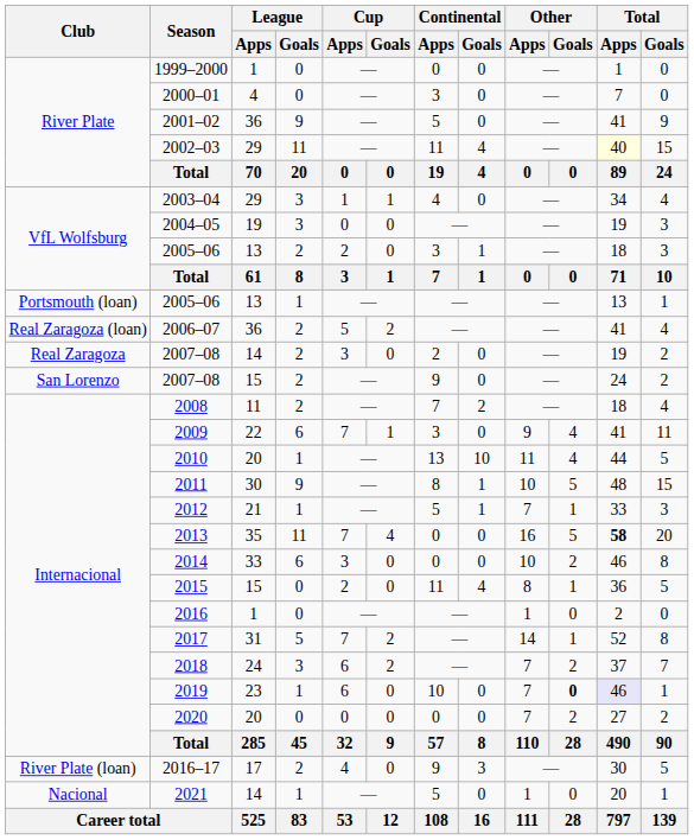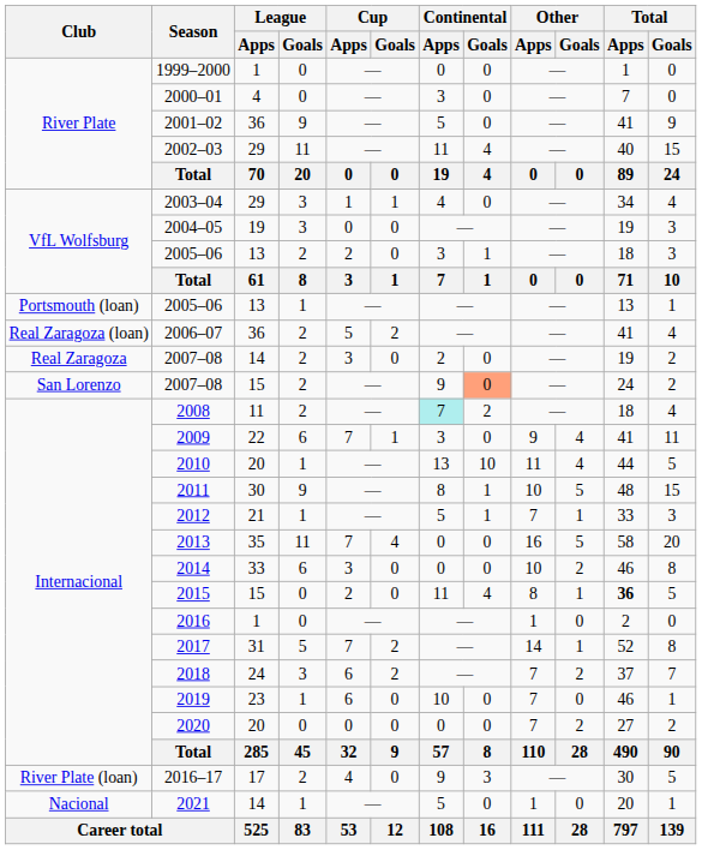 <table class="wikitable" style="text-align:center">
 <tr>
 <th rowspan="2">Club</th>
 <th rowspan="2">Season</th>
 <th colspan="2">League</th>
 <th colspan="2">Cup</th>
 <th colspan="2">Continental</th>
 <th colspan="2">Other</th>
 <th colspan="2">Total</th>
 </tr>
 <tr>
 <th>Apps</th>
 <th>Goals</th>
 <th>Apps</th>
 <th>Goals</th>
 <th>Apps</th>
 <th>Goals</th>
 <th>Apps</th>
 <th>Goals</th>
 <th>Apps</th>
 <th>Goals</th>
 </tr>
 <tr>
 <td rowspan="5"><a href='#'>River Plate</a></td>
 <td>1999–2000</td>
 <td>1</td>
 <td>0</td>
 <td colspan="2">—</td>
 <td>0</td>
 <td>0</td>
 <td colspan="2">—</td>
 <td>1</td>
 <td>0</td>
 </tr>
 <tr>
 <td>2000–01</td>
 <td>4</td>
 <td>0</td>
 <td colspan="2">—</td>
 <td>3</td>
 <td>0</td>
 <td colspan="2">—</td>
 <td>7</td>
 <td>0</td>
 </tr>
 <tr>
 <td>2001–02</td>
 <td>36</td>
 <td>9</td>
 <td colspan="2">—</td>
 <td>5</td>
 <td>0</td>
 <td colspan="2">—</td>
 <td>41</td>
 <td>9</td>
 </tr>
 <tr>
 <td>2002–03</td>
 <td>29</td>
 <td>11</td>
 <td colspan="2">—</td>
 <td>11</td>
 <td>4</td>
 <td colspan="2">—</td>
-<td style="background: lightyellow;">40</td>
+<td>40</td>
 <td>15</td>
 </tr>
 <tr>
 <th>Total</th>
 <th>70</th>
 <th>20</th>
 <th>0</th>
 <th>0</th>
 <th>19</th>
 <th>4</th>
 <th>0</th>
 <th>0</th>
 <th>89</th>
 <th>24</th>
 </tr>
 <tr>
 <td rowspan="4"><a href='#'>VfL Wolfsburg</a></td>
 <td>2003–04</td>
 <td>29</td>
 <td>3</td>
 <td>1</td>
 <td>1</td>
 <td>4</td>
 <td>0</td>
 <td colspan="2">—</td>
 <td>34</td>
 <td>4</td>
 </tr>
 <tr>
 <td>2004–05</td>
 <td>19</td>
 <td>3</td>
 <td>0</td>
 <td>0</td>
 <td colspan="2">—</td>
 <td colspan="2">—</td>
 <td>19</td>
 <td>3</td>
 </tr>
 <tr>
 <td>2005–06</td>
 <td>13</td>
 <td>2</td>
 <td>2</td>
 <td>0</td>
 <td>3</td>
 <td>1</td>
 <td colspan="2">—</td>
 <td>18</td>
 <td>3</td>
 </tr>
 <tr>
 <th>Total</th>
 <th>61</th>
 <th>8</th>
 <th>3</th>
 <th>1</th>
 <th>7</th>
 <th>1</th>
 <th>0</th>
 <th>0</th>
 <th>71</th>
 <th>10</th>
 </tr>
 <tr>
 <td><a href='#'>Portsmouth</a> (loan)</td>
 <td>2005–06</td>
 <td>13</td>
 <td>1</td>
 <td colspan="2">—</td>
 <td colspan="2">—</td>
 <td colspan="2">—</td>
 <td>13</td>
 <td>1</td>
 </tr>
 <tr>
 <td><a href='#'>Real Zaragoza</a> (loan)</td>
 <td>2006–07</td>
 <td>36</td>
 <td>2</td>
 <td>5</td>
 <td>2</td>
 <td colspan="2">—</td>
 <td colspan="2">—</td>
 <td>41</td>
 <td>4</td>
 </tr>
 <tr>
 <td><a href='#'>Real Zaragoza</a></td>
 <td>2007–08</td>
 <td>14</td>
 <td>2</td>
 <td>3</td>
 <td>0</td>
 <td>2</td>
 <td>0</td>
 <td colspan="2">—</td>
 <td>19</td>
 <td>2</td>
 </tr>
 <tr>
 <td><a href='#'>San Lorenzo</a></td>
 <td>2007–08</td>
 <td>15</td>
 <td>2</td>
 <td colspan="2">—</td>
 <td>9</td>
-<td>0</td>
+<td style="background: lightsalmon;">0</td>
 <td colspan="2">—</td>
 <td>24</td>
 <td>2</td>
 </tr>
 <tr>
 <td rowspan="14"><a href='#'>Internacional</a></td>
 <td><a href='#'>2008</a></td>
 <td>11</td>
 <td>2</td>
 <td colspan="2">—</td>
-<td>7</td>
+<td style="background: paleturquoise;">7</td>
 <td>2</td>
 <td colspan="2">—</td>
 <td>18</td>
 <td>4</td>
 </tr>
 <tr>
 <td><a href='#'>2009</a></td>
 <td>22</td>
 <td>6</td>
 <td>7</td>
 <td>1</td>
 <td>3</td>
 <td>0</td>
 <td>9</td>
 <td>4</td>
 <td>41</td>
 <td>11</td>
 </tr>
 <tr>
 <td><a href='#'>2010</a></td>
 <td>20</td>
 <td>1</td>
 <td colspan="2">—</td>
 <td>13</td>
 <td>10</td>
 <td>11</td>
 <td>4</td>
 <td>44</td>
 <td>5</td>
 </tr>
 <tr>
 <td><a href='#'>2011</a></td>
 <td>30</td>
 <td>9</td>
 <td colspan="2">—</td>
 <td>8</td>
 <td>1</td>
 <td>10</td>
 <td>5</td>
 <td>48</td>
 <td>15</td>
 </tr>
 <tr>
 <td><a href='#'>2012</a></td>
 <td>21</td>
 <td>1</td>
 <td colspan="2">—</td>
 <td>5</td>
 <td>1</td>
 <td>7</td>
 <td>1</td>
 <td>33</td>
 <td>3</td>
 </tr>
 <tr>
 <td><a href='#'>2013</a></td>
 <td>35</td>
 <td>11</td>
 <td>7</td>
 <td>4</td>
 <td>0</td>
 <td>0</td>
 <td>16</td>
 <td>5</td>
-<td><strong>58</strong></td>
+<td>58</td>
 <td>20</td>
 </tr>
 <tr>
 <td><a href='#'>2014</a></td>
 <td>33</td>
 <td>6</td>
 <td>3</td>
 <td>0</td>
 <td>0</td>
 <td>0</td>
 <td>10</td>
 <td>2</td>
 <td>46</td>
 <td>8</td>
 </tr>
 <tr>
 <td><a href='#'>2015</a></td>
 <td>15</td>
 <td>0</td>
 <td>2</td>
 <td>0</td>
 <td>11</td>
 <td>4</td>
 <td>8</td>
 <td>1</td>
-<td>36</td>
+<td><strong>36</strong></td>
 <td>5</td>
 </tr>
 <tr>
 <td><a href='#'>2016</a></td>
 <td>1</td>
 <td>0</td>
 <td colspan="2">—</td>
 <td colspan="2">—</td>
 <td>1</td>
 <td>0</td>
 <td>2</td>
 <td>0</td>
 </tr>
 <tr>
 <td><a href='#'>2017</a></td>
 <td>31</td>
 <td>5</td>
 <td>7</td>
 <td>2</td>
 <td colspan="2">—</td>
 <td>14</td>
 <td>1</td>
 <td>52</td>
 <td>8</td>
 </tr>
 <tr>
 <td><a href='#'>2018</a></td>
 <td>24</td>
 <td>3</td>
 <td>6</td>
 <td>2</td>
 <td colspan="2">—</td>
 <td>7</td>
 <td>2</td>
 <td>37</td>
 <td>7</td>
 </tr>
 <tr>
 <td><a href='#'>2019</a></td>
 <td>23</td>
 <td>1</td>
 <td>6</td>
 <td>0</td>
 <td>10</td>
 <td>0</td>
 <td>7</td>
-<td><strong>0</strong></td>
-<td style="background: lavender;">46</td>
+<td>0</td>
+<td>46</td>
 <td>1</td>
 </tr>
 <tr>
 <td><a href='#'>2020</a></td>
 <td>20</td>
 <td>0</td>
 <td>0</td>
 <td>0</td>
 <td>0</td>
 <td>0</td>
 <td>7</td>
 <td>2</td>
 <td>27</td>
 <td>2</td>
 </tr>
 <tr>
 <th>Total</th>
 <th>285</th>
 <th>45</th>
 <th>32</th>
 <th>9</th>
 <th>57</th>
 <th>8</th>
 <th>110</th>
 <th>28</th>
 <th>490</th>
 <th>90</th>
 </tr>
 <tr>
 <td><a href='#'>River Plate</a> (loan)</td>
 <td>2016–17</td>
 <td>17</td>
 <td>2</td>
 <td>4</td>
 <td>0</td>
 <td>9</td>
 <td>3</td>
 <td colspan="2">—</td>
 <td>30</td>
 <td>5</td>
 </tr>
 <tr>
 <td><a href='#'>Nacional</a></td>
 <td><a href='#'>2021</a></td>
 <td>14</td>
 <td>1</td>
 <td colspan="2">—</td>
 <td>5</td>
 <td>0</td>
 <td>1</td>
 <td>0</td>
 <td>20</td>
 <td>1</td>
 </tr>
 <tr>
 <th colspan="2">Career total</th>
 <th>525</th>
 <th>83</th>
 <th>53</th>
 <th>12</th>
 <th>108</th>
 <th>16</th>
 <th>111</th>
 <th>28</th>
 <th>797</th>
 <th>139</th>
 </tr>
 </table>
